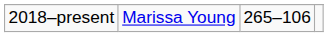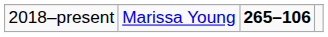 <table class="wikitable">
 <tr style="text-align:center;">
 </tr>
 <tr>
 <td>2018–present</td>
 <td><a href='#'>Marissa Young</a></td>
-<td>265–106</td>
+<td><strong>265–106</strong></td>
 <td></td>
 </tr>
 </table>
